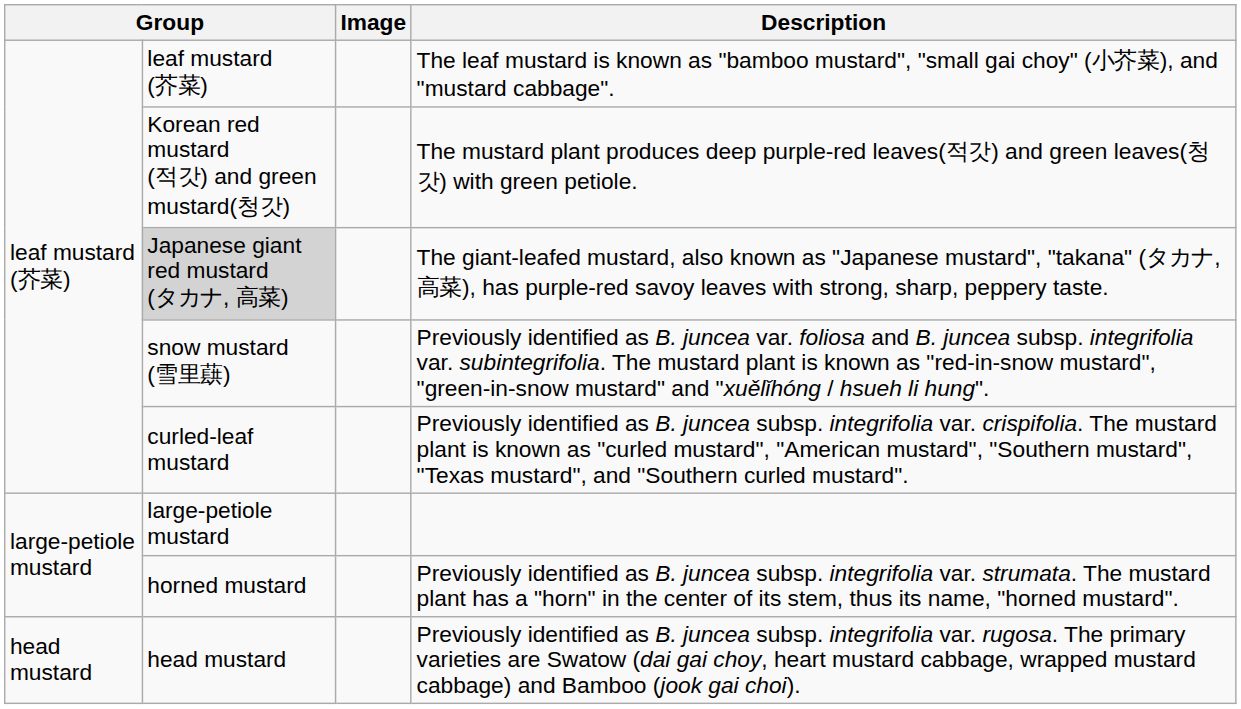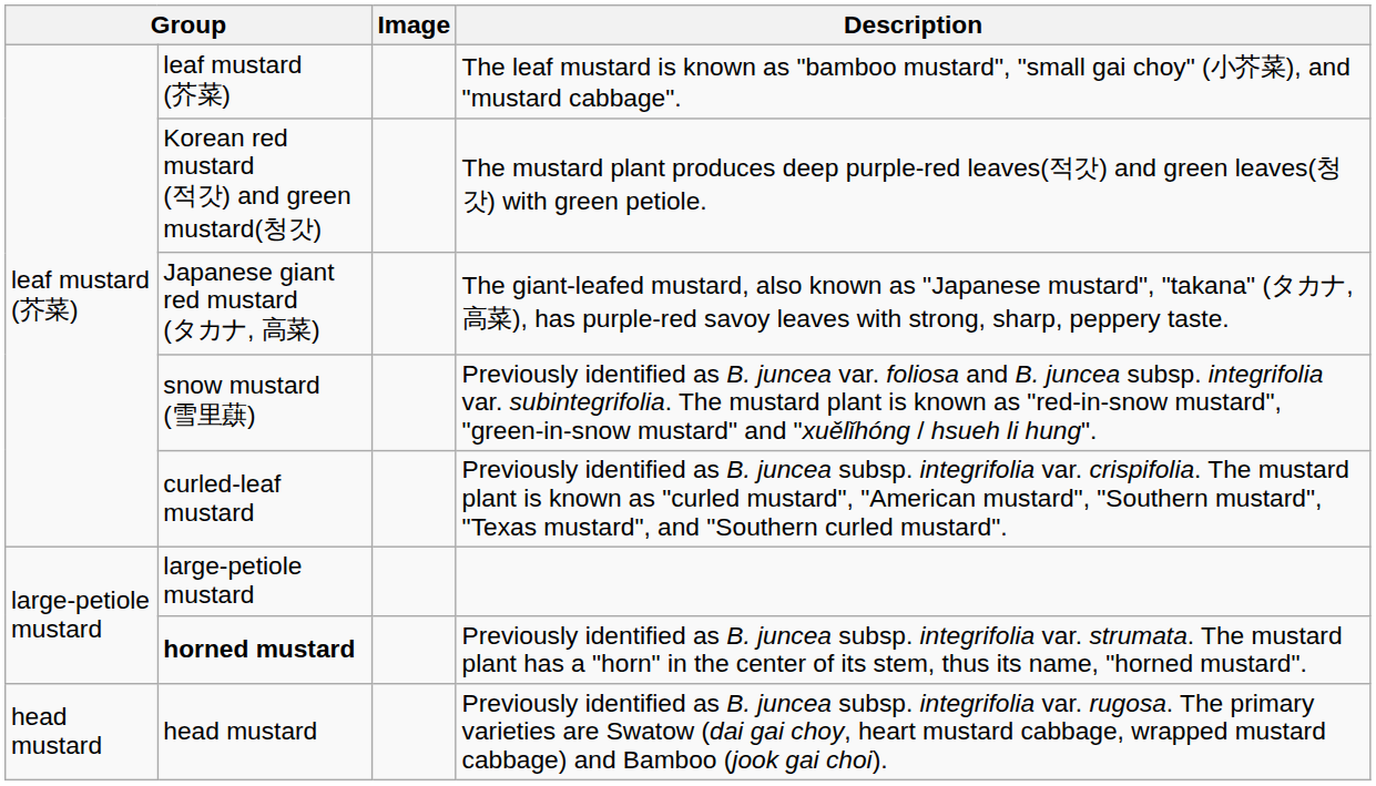 <table class="wikitable">
 <tr>
 <th colspan="2">Group</th>
 <th>Image</th>
 <th>Description</th>
 </tr>
 <tr>
 <td rowspan="5">leaf mustard<br>(芥菜)</td>
 <td>leaf mustard<br>(芥菜)</td>
 <td></td>
 <td>The leaf mustard is known as "bamboo mustard", "small gai choy" (小芥菜), and "mustard cabbage".</td>
 </tr>
 <tr>
 <td>Korean red mustard<br>(적갓) and green mustard(청갓)</td>
 <td></td>
 <td>The mustard plant produces deep purple-red leaves(적갓) and green leaves(청갓) with green petiole.</td>
 </tr>
 <tr>
-<td style="background: lightgrey;">Japanese giant red mustard<br>(タカナ, 高菜)</td>
+<td>Japanese giant red mustard<br>(タカナ, 高菜)</td>
 <td></td>
 <td>The giant-leafed mustard, also known as "Japanese mustard", "takana" (タカナ, 高菜), has purple-red savoy leaves with strong, sharp, peppery taste.</td>
 </tr>
 <tr>
 <td>snow mustard<br>(雪里蕻)</td>
 <td></td>
 <td>Previously identified as <em>B. juncea</em> var. <em>foliosa</em> and <em>B. juncea</em> subsp. <em>integrifolia</em> var. <em>subintegrifolia</em>. The mustard plant is known as "red-in-snow mustard", "green-in-snow mustard" and "<em>xuělǐhóng</em> / <em>hsueh li hung</em>".</td>
 </tr>
 <tr>
 <td>curled-leaf mustard</td>
 <td></td>
 <td>Previously identified as <em>B. juncea</em> subsp. <em>integrifolia</em> var. <em>crispifolia</em>. The mustard plant is known as "curled mustard", "American mustard", "Southern mustard", "Texas mustard", and "Southern curled mustard".</td>
 </tr>
 <tr>
 <td rowspan="2">large-petiole mustard</td>
 <td>large-petiole mustard</td>
 <td></td>
 <td></td>
 </tr>
 <tr>
-<td>horned mustard</td>
+<td><strong>horned mustard</strong></td>
 <td></td>
 <td>Previously identified as <em>B. juncea</em> subsp. <em>integrifolia</em> var. <em>strumata</em>. The mustard plant has a "horn" in the center of its stem, thus its name, "horned mustard".</td>
 </tr>
 <tr>
 <td>head mustard</td>
 <td>head mustard</td>
 <td></td>
 <td>Previously identified as <em>B. juncea</em> subsp. <em>integrifolia</em> var. <em>rugosa</em>. The primary varieties are Swatow (<em>dai gai choy</em>, heart mustard cabbage, wrapped mustard cabbage) and Bamboo (<em>jook gai choi</em>).</td>
 </tr>
 </table>
